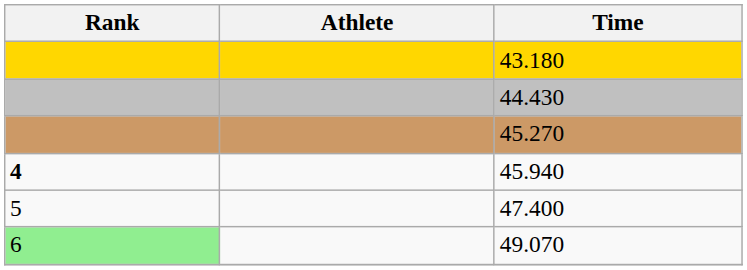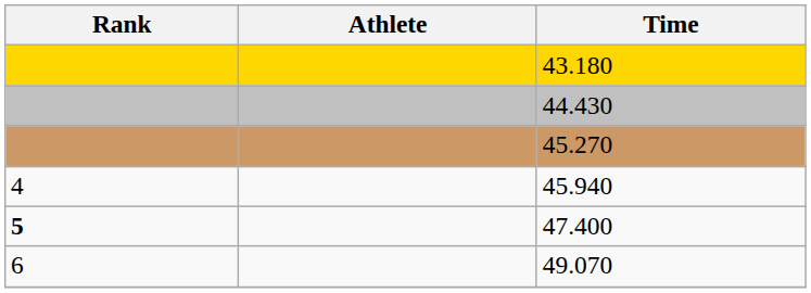 <table class="wikitable" width=40%>
 <tr>
 <th>Rank</th>
 <th>Athlete</th>
 <th>Time</th>
 </tr>
 <tr bgcolor=gold>
 <td></td>
 <td></td>
 <td>43.180</td>
 </tr>
 <tr bgcolor=silver>
 <td></td>
 <td></td>
 <td>44.430</td>
 </tr>
 <tr bgcolor=cc9966>
 <td></td>
 <td></td>
 <td>45.270</td>
 </tr>
 <tr>
-<td><strong>4</strong></td>
+<td>4</td>
 <td></td>
 <td>45.940</td>
 </tr>
 <tr>
-<td>5</td>
+<td><strong>5</strong></td>
 <td></td>
 <td>47.400</td>
 </tr>
 <tr>
-<td style="background: lightgreen;">6</td>
+<td>6</td>
 <td></td>
 <td>49.070</td>
 </tr>
 <tr>
 </tr>
 </table>
